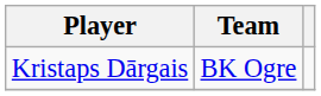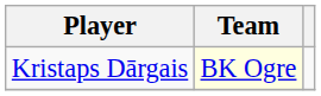 <table class="wikitable">
 <tr>
 <th>Player</th>
 <th>Team</th>
 <th></th>
 </tr>
 <tr>
 <td> <a href='#'>Kristaps Dārgais</a></td>
-<td> <a href='#'>BK Ogre</a></td>
+<td style="background: lightyellow;"> <a href='#'>BK Ogre</a></td>
 <td></td>
 </tr>
 <tr>
 </tr>
 </table>
